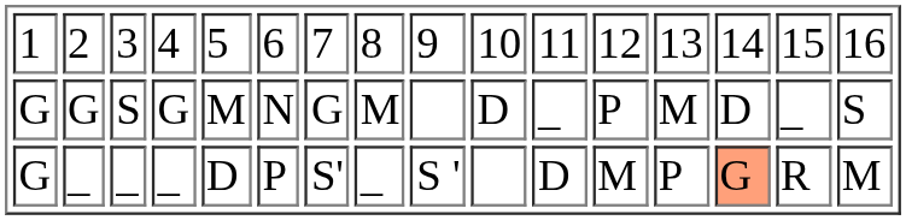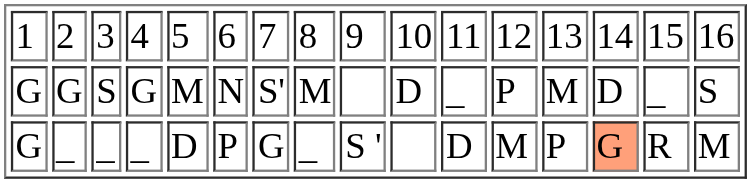 <table border="1">
 <tr>
 <td>1</td>
 <td>2</td>
 <td>3</td>
 <td>4</td>
 <td>5</td>
 <td>6</td>
 <td>7</td>
 <td>8</td>
 <td>9</td>
 <td>10</td>
 <td>11</td>
 <td>12</td>
 <td>13</td>
 <td>14</td>
 <td>15</td>
 <td>16</td>
 </tr>
 <tr>
 <td>G</td>
 <td>G</td>
 <td>S</td>
 <td>G</td>
 <td>M</td>
 <td>N</td>
-<td>G</td>
+<td>S'</td>
 <td>M</td>
 <td></td>
 <td>D</td>
 <td>_</td>
 <td>P</td>
 <td>M</td>
 <td>D</td>
 <td>_</td>
 <td>S</td>
 </tr>
 <tr>
 <td>G</td>
 <td>_</td>
 <td>_</td>
 <td>_</td>
 <td>D</td>
 <td>P</td>
-<td>S'</td>
+<td>G</td>
 <td>_</td>
 <td>S '</td>
 <td></td>
 <td>D</td>
 <td>M</td>
 <td>P</td>
 <td style="background: lightsalmon;">G</td>
 <td>R</td>
 <td>M</td>
 </tr>
 </table>
